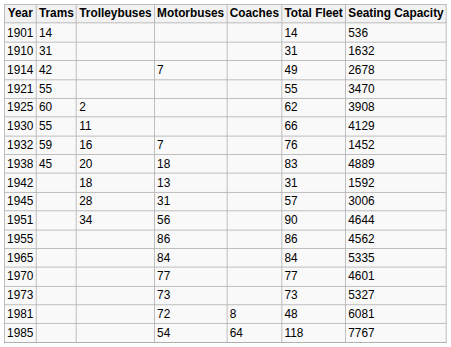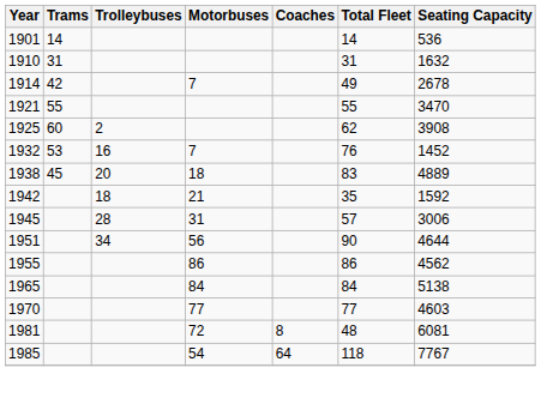 <table class="wikitable sortable">
 <tr>
 <th>Year</th>
 <th>Trams</th>
 <th>Trolleybuses</th>
 <th>Motorbuses</th>
 <th>Coaches</th>
 <th>Total Fleet</th>
 <th>Seating Capacity</th>
 </tr>
 <tr>
 <td>1901</td>
 <td>14</td>
 <td></td>
 <td></td>
 <td></td>
 <td>14</td>
 <td>536</td>
 </tr>
 <tr>
 <td>1910</td>
 <td>31</td>
 <td></td>
 <td></td>
 <td></td>
 <td>31</td>
 <td>1632</td>
 </tr>
 <tr>
 <td>1914</td>
 <td>42</td>
 <td></td>
 <td>7</td>
 <td></td>
 <td>49</td>
 <td>2678</td>
 </tr>
 <tr>
 <td>1921</td>
 <td>55</td>
 <td></td>
 <td></td>
 <td></td>
 <td>55</td>
 <td>3470</td>
 </tr>
 <tr>
 <td>1925</td>
 <td>60</td>
 <td>2</td>
 <td></td>
 <td></td>
 <td>62</td>
 <td>3908</td>
 </tr>
 <tr>
-<td>1930</td>
-<td>55</td>
-<td>11</td>
-<td></td>
-<td></td>
-<td>66</td>
-<td>4129</td>
-</tr>
-<tr>
 <td>1932</td>
-<td>59</td>
+<td>53</td>
 <td>16</td>
 <td>7</td>
 <td></td>
 <td>76</td>
 <td>1452</td>
 </tr>
 <tr>
 <td>1938</td>
 <td>45</td>
 <td>20</td>
 <td>18</td>
 <td></td>
 <td>83</td>
 <td>4889</td>
 </tr>
 <tr>
 <td>1942</td>
 <td></td>
 <td>18</td>
-<td>13</td>
+<td>21</td>
 <td></td>
-<td>31</td>
+<td>35</td>
 <td>1592</td>
 </tr>
 <tr>
 <td>1945</td>
 <td></td>
 <td>28</td>
 <td>31</td>
 <td></td>
 <td>57</td>
 <td>3006</td>
 </tr>
 <tr>
 <td>1951</td>
 <td></td>
 <td>34</td>
 <td>56</td>
 <td></td>
 <td>90</td>
 <td>4644</td>
 </tr>
 <tr>
 <td>1955</td>
 <td></td>
 <td></td>
 <td>86</td>
 <td></td>
 <td>86</td>
 <td>4562</td>
 </tr>
 <tr>
 <td>1965</td>
 <td></td>
 <td></td>
 <td>84</td>
 <td></td>
 <td>84</td>
-<td>5335</td>
+<td>5138</td>
 </tr>
 <tr>
 <td>1970</td>
 <td></td>
 <td></td>
 <td>77</td>
 <td></td>
 <td>77</td>
-<td>4601</td>
-</tr>
-<tr>
-<td>1973</td>
-<td></td>
-<td></td>
-<td>73</td>
-<td></td>
-<td>73</td>
-<td>5327</td>
+<td>4603</td>
 </tr>
 <tr>
 <td>1981</td>
 <td></td>
 <td></td>
 <td>72</td>
 <td>8</td>
 <td>48</td>
 <td>6081</td>
 </tr>
 <tr>
 <td>1985</td>
 <td></td>
 <td></td>
 <td>54</td>
 <td>64</td>
 <td>118</td>
 <td>7767</td>
 </tr>
 <tr>
 </tr>
 </table>
